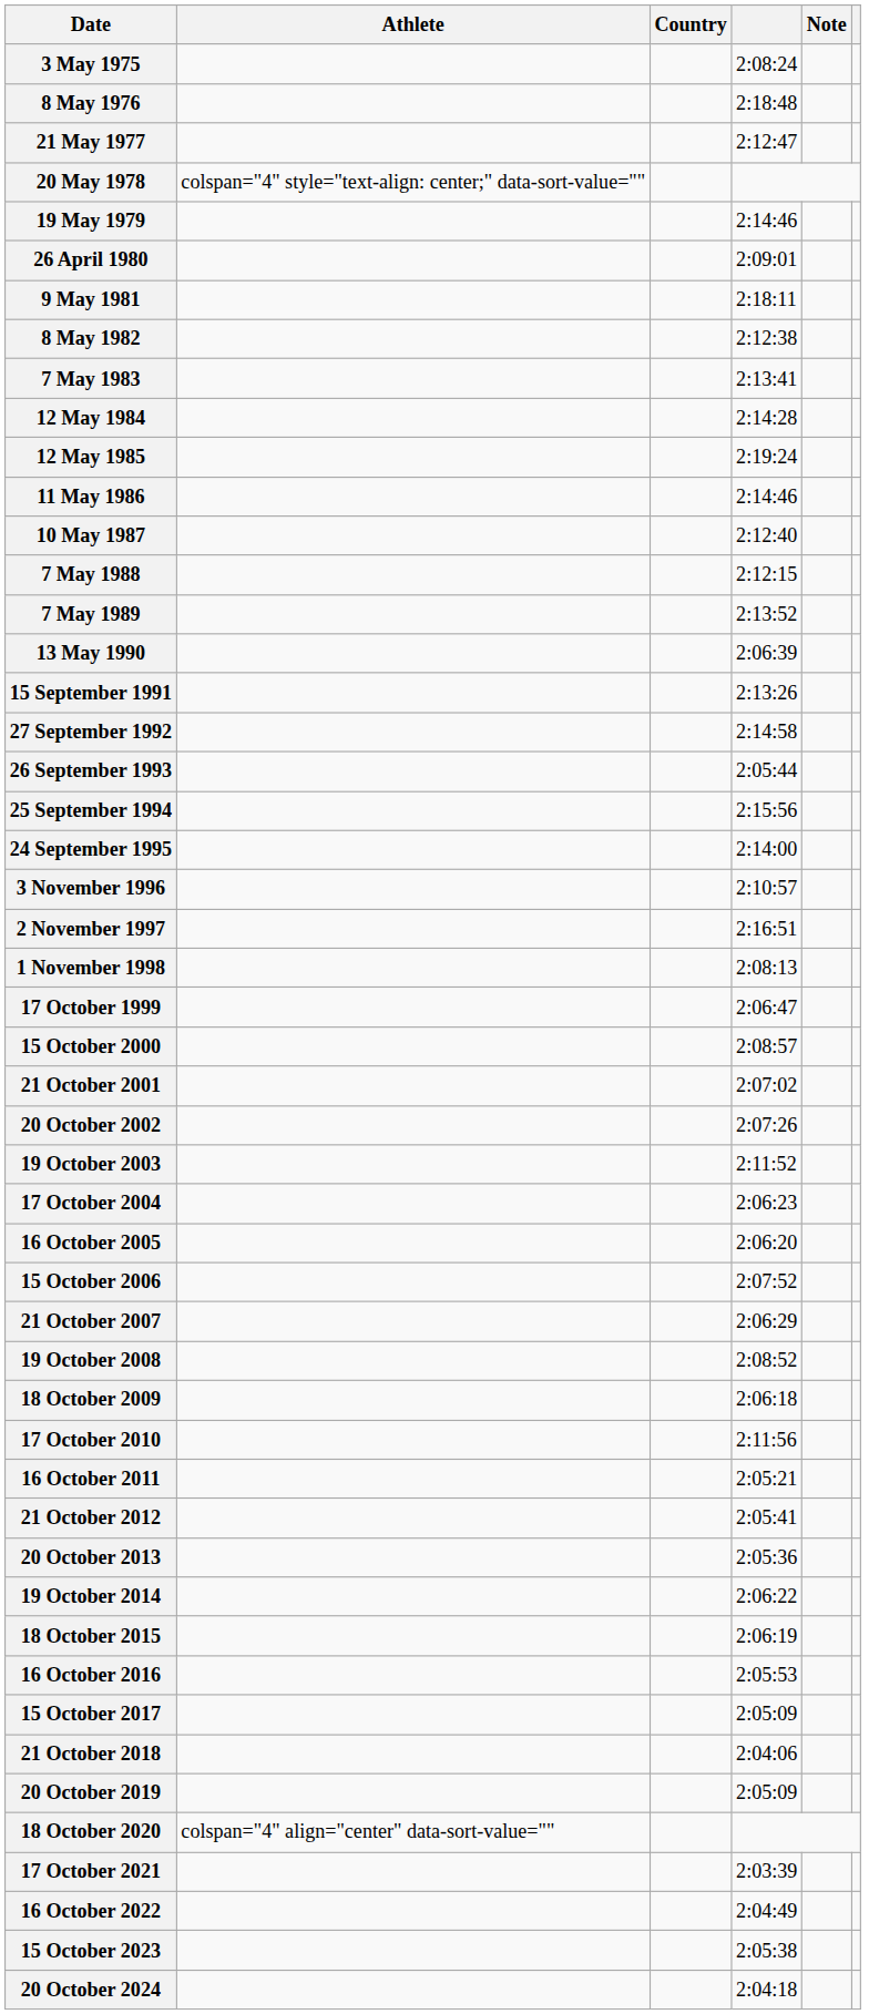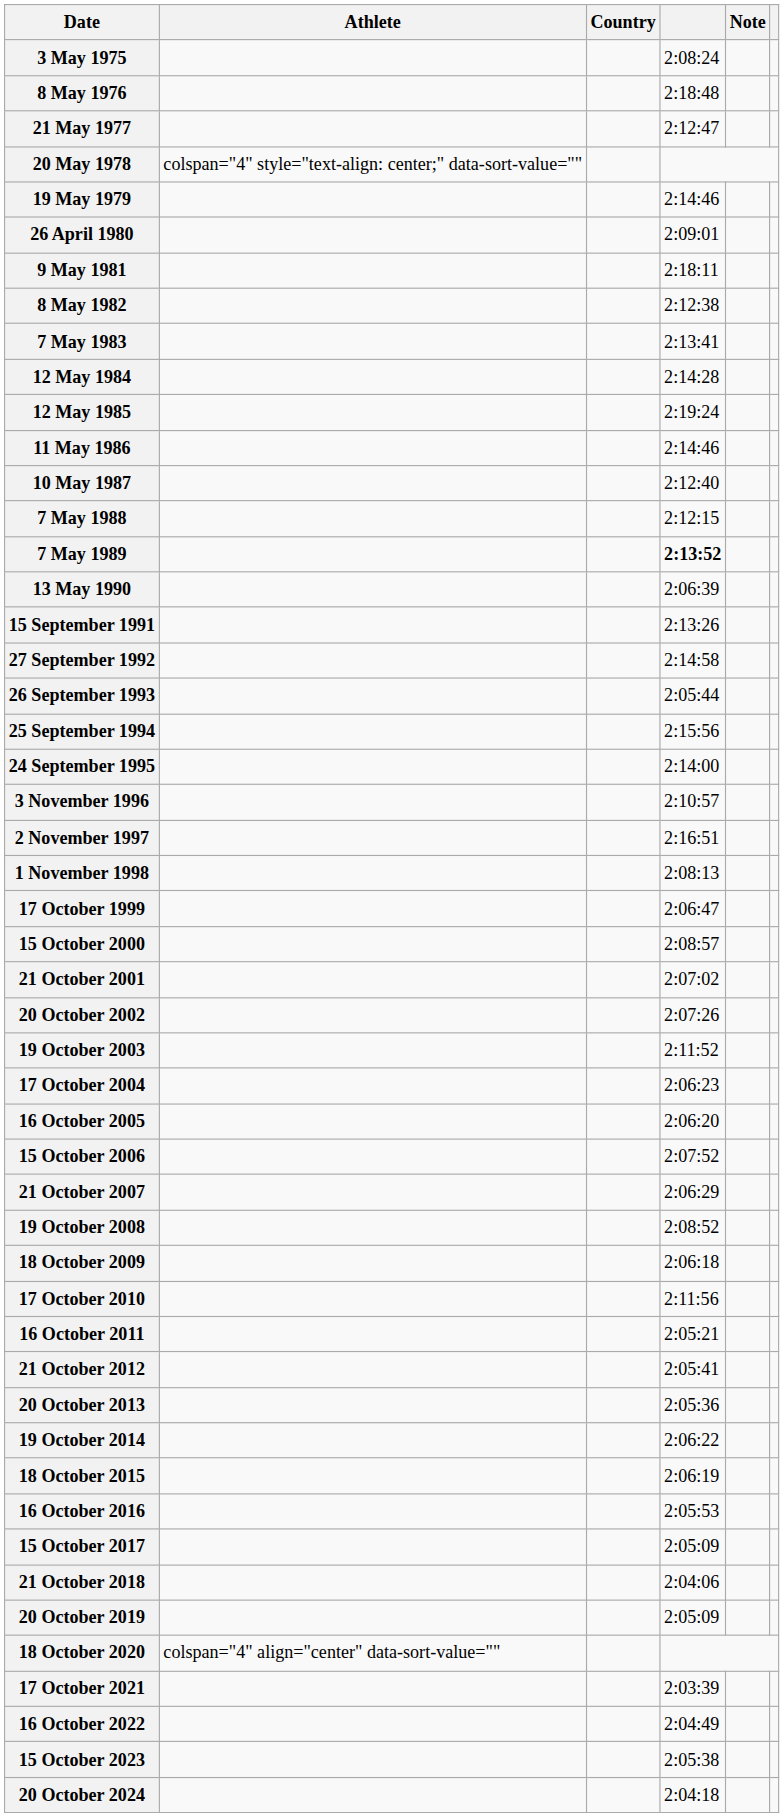 <table class="wikitable sortable plainrowheaders" style="font-size:1.00em; line-height:1.5em;">
 <tr>
 <th scope="col">Date</th>
 <th scope="col">Athlete</th>
 <th scope="col">Country</th>
 <th scope="col"></th>
 <th scope="col">Note</th>
 <th scope="col" class="unsortable"></th>
 </tr>
 <tr>
 <th scope="row">3 May 1975</th>
 <td></td>
 <td></td>
 <td>2:08:24</td>
 <td style="text-align:center;"><a href='#'></a></td>
 <td style="text-align:center;"></td>
 </tr>
 <tr>
 <th scope="row">8 May 1976</th>
 <td></td>
 <td></td>
 <td>2:18:48</td>
 <td></td>
 <td style="text-align:center;"></td>
 </tr>
 <tr>
 <th scope="row">21 May 1977</th>
 <td></td>
 <td></td>
 <td>2:12:47</td>
 <td style="text-align:center;"><a href='#'></a></td>
 <td style="text-align:center;"></td>
 </tr>
 <tr>
 <th scope="row">20 May 1978</th>
 <td>colspan="4" style="text-align: center;" data-sort-value="" </td>
 <td style="text-align:center;"></td>
 </tr>
 <tr>
 <th scope="row">19 May 1979</th>
 <td></td>
 <td></td>
 <td>2:14:46</td>
 <td></td>
 <td style="text-align:center;"></td>
 </tr>
 <tr>
 <th scope="row">26 April 1980</th>
 <td></td>
 <td></td>
 <td>2:09:01</td>
 <td style="text-align:center;"><a href='#'></a></td>
 <td style="text-align:center;"></td>
 </tr>
 <tr>
 <th scope="row">9 May 1981</th>
 <td></td>
 <td></td>
 <td>2:18:11</td>
 <td></td>
 <td style="text-align:center;"></td>
 </tr>
 <tr>
 <th scope="row">8 May 1982</th>
 <td></td>
 <td></td>
 <td>2:12:38</td>
 <td></td>
 <td style="text-align:center;"></td>
 </tr>
 <tr>
 <th scope="row">7 May 1983</th>
 <td></td>
 <td></td>
 <td>2:13:41</td>
 <td></td>
 <td style="text-align:center;"></td>
 </tr>
 <tr>
 <th scope="row">12 May 1984</th>
 <td></td>
 <td></td>
 <td>2:14:28</td>
 <td></td>
 <td style="text-align:center;"></td>
 </tr>
 <tr>
 <th scope="row">12 May 1985</th>
 <td></td>
 <td></td>
 <td>2:19:24</td>
 <td></td>
 <td style="text-align:center;"></td>
 </tr>
 <tr>
 <th scope="row">11 May 1986</th>
 <td></td>
 <td></td>
 <td>2:14:46</td>
 <td></td>
 <td style="text-align:center;"></td>
 </tr>
 <tr>
 <th scope="row">10 May 1987</th>
 <td></td>
 <td></td>
 <td>2:12:40</td>
 <td></td>
 <td style="text-align:center;"></td>
 </tr>
 <tr>
 <th scope="row">7 May 1988</th>
 <td></td>
 <td></td>
 <td>2:12:15</td>
 <td></td>
 <td style="text-align:center;"></td>
 </tr>
 <tr>
 <th scope="row">7 May 1989</th>
 <td></td>
 <td></td>
-<td>2:13:52</td>
+<td><strong>2:13:52</strong></td>
 <td></td>
 <td style="text-align:center;"></td>
 </tr>
 <tr>
 <th scope="row">13 May 1990</th>
 <td></td>
 <td></td>
 <td>2:06:39</td>
 <td></td>
 <td style="text-align:center;"></td>
 </tr>
 <tr>
 <th scope="row">15 September 1991</th>
 <td></td>
 <td></td>
 <td>2:13:26</td>
 <td></td>
 <td style="text-align:center;"></td>
 </tr>
 <tr>
 <th scope="row">27 September 1992</th>
 <td></td>
 <td></td>
 <td>2:14:58</td>
 <td></td>
 <td style="text-align:center;"></td>
 </tr>
 <tr>
 <th scope="row">26 September 1993</th>
 <td></td>
 <td></td>
 <td>2:05:44</td>
 <td></td>
 <td style="text-align:center;"></td>
 </tr>
 <tr>
 <th scope="row">25 September 1994</th>
 <td></td>
 <td></td>
 <td>2:15:56</td>
 <td></td>
 <td style="text-align:center;"></td>
 </tr>
 <tr>
 <th scope="row">24 September 1995</th>
 <td></td>
 <td></td>
 <td>2:14:00</td>
 <td></td>
 <td style="text-align:center;"></td>
 </tr>
 <tr>
 <th scope="row">3 November 1996</th>
 <td></td>
 <td></td>
 <td>2:10:57</td>
 <td></td>
 <td style="text-align:center;"></td>
 </tr>
 <tr>
 <th scope="row">2 November 1997</th>
 <td></td>
 <td></td>
 <td>2:16:51</td>
 <td style="text-align:center;"><a href='#'></a></td>
 <td style="text-align:center;"></td>
 </tr>
 <tr>
 <th scope="row">1 November 1998</th>
 <td></td>
 <td></td>
 <td>2:08:13</td>
 <td style="text-align:center;"><a href='#'></a></td>
 <td style="text-align:center;"></td>
 </tr>
 <tr>
 <th scope="row">17 October 1999</th>
 <td></td>
 <td></td>
 <td>2:06:47</td>
 <td style="text-align:center;"><a href='#'></a></td>
 <td style="text-align:center;"></td>
 </tr>
 <tr>
 <th scope="row">15 October 2000</th>
 <td></td>
 <td></td>
 <td>2:08:57</td>
 <td></td>
 <td style="text-align:center;"></td>
 </tr>
 <tr>
 <th scope="row">21 October 2001</th>
 <td></td>
 <td></td>
 <td>2:07:02</td>
 <td></td>
 <td style="text-align:center;"></td>
 </tr>
 <tr>
 <th scope="row">20 October 2002</th>
 <td></td>
 <td></td>
 <td>2:07:26</td>
 <td></td>
 <td style="text-align:center;"></td>
 </tr>
 <tr>
 <th scope="row">19 October 2003</th>
 <td></td>
 <td></td>
 <td>2:11:52</td>
 <td style="text-align:center;"><a href='#'></a></td>
 <td style="text-align:center;"></td>
 </tr>
 <tr>
 <th scope="row">17 October 2004</th>
 <td></td>
 <td></td>
 <td>2:06:23</td>
 <td style="text-align:center;"><a href='#'></a></td>
 <td style="text-align:center;"></td>
 </tr>
 <tr>
 <th scope="row">16 October 2005</th>
 <td></td>
 <td></td>
 <td>2:06:20</td>
 <td style="text-align:center;"><a href='#'></a></td>
 <td style="text-align:center;"></td>
 </tr>
 <tr>
 <th scope="row">15 October 2006</th>
 <td></td>
 <td></td>
 <td>2:07:52</td>
 <td></td>
 <td style="text-align:center;"></td>
 </tr>
 <tr>
 <th scope="row">21 October 2007</th>
 <td></td>
 <td></td>
 <td>2:06:29</td>
 <td></td>
 <td style="text-align:center;"></td>
 </tr>
 <tr>
 <th scope="row">19 October 2008</th>
 <td></td>
 <td></td>
 <td>2:08:52</td>
 <td></td>
 <td style="text-align:center;"></td>
 </tr>
 <tr>
 <th scope="row">18 October 2009</th>
 <td></td>
 <td></td>
 <td>2:06:18</td>
 <td style="text-align:center;"><a href='#'></a></td>
 <td style="text-align:center;"></td>
 </tr>
 <tr>
 <th scope="row">17 October 2010</th>
 <td></td>
 <td></td>
 <td>2:11:56</td>
 <td style="text-align:center;"><a href='#'></a></td>
 <td style="text-align:center;"></td>
 </tr>
 <tr>
 <th scope="row">16 October 2011</th>
 <td></td>
 <td></td>
 <td>2:05:21</td>
 <td></td>
 <td style="text-align:center;"></td>
 </tr>
 <tr>
 <th scope="row">21 October 2012</th>
 <td></td>
 <td></td>
 <td>2:05:41</td>
 <td style="text-align:center;"><a href='#'></a></td>
 <td style="text-align:center;"></td>
 </tr>
 <tr>
 <th scope="row">20 October 2013</th>
 <td></td>
 <td></td>
 <td>2:05:36</td>
 <td style="text-align:center;"><a href='#'></a></td>
 <td style="text-align:center;"></td>
 </tr>
 <tr>
 <th scope="row">19 October 2014</th>
 <td></td>
 <td></td>
 <td>2:06:22</td>
 <td></td>
 <td style="text-align:center;"></td>
 </tr>
 <tr>
 <th scope="row">18 October 2015</th>
 <td></td>
 <td></td>
 <td>2:06:19</td>
 <td></td>
 <td style="text-align:center;"></td>
 </tr>
 <tr>
 <th scope="row">16 October 2016</th>
 <td></td>
 <td></td>
 <td>2:05:53</td>
 <td style="text-align:center;"><a href='#'></a></td>
 <td style="text-align:center;"></td>
 </tr>
 <tr>
 <th scope="row">15 October 2017</th>
 <td></td>
 <td></td>
 <td>2:05:09</td>
 <td style="text-align:center;"><a href='#'></a></td>
 <td style="text-align:center;"></td>
 </tr>
 <tr>
 <th scope="row">21 October 2018</th>
 <td></td>
 <td></td>
 <td>2:04:06</td>
 <td style="text-align:center;"><a href='#'></a></td>
 <td style="text-align:center;"></td>
 </tr>
 <tr>
 <th scope="row">20 October 2019</th>
 <td></td>
 <td></td>
 <td>2:05:09</td>
 <td></td>
 <td style="text-align:center;"></td>
 </tr>
 <tr>
 <th scope="row">18 October 2020</th>
 <td>colspan="4" align="center" data-sort-value="" </td>
 <td style="text-align:center;"></td>
 </tr>
 <tr>
 <th scope="row">17 October 2021</th>
 <td></td>
 <td></td>
 <td>2:03:39</td>
 <td style="text-align:center;"><a href='#'></a></td>
 <td style="text-align:center;"></td>
 </tr>
 <tr>
 <th scope="row">16 October 2022</th>
 <td></td>
 <td></td>
 <td>2:04:49</td>
 <td></td>
 <td style="text-align:center;"></td>
 </tr>
 <tr>
 <th scope="row">15 October 2023</th>
 <td></td>
 <td></td>
 <td>2:05:38</td>
 <td></td>
 <td style="text-align:center;"></td>
 </tr>
 <tr>
 <th scope="row">20 October 2024</th>
 <td></td>
 <td></td>
 <td>2:04:18</td>
 <td></td>
 <td style="text-align:center;"></td>
 </tr>
 </table>
